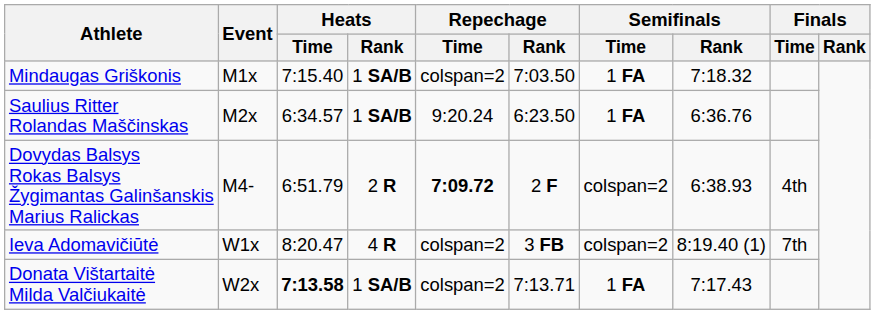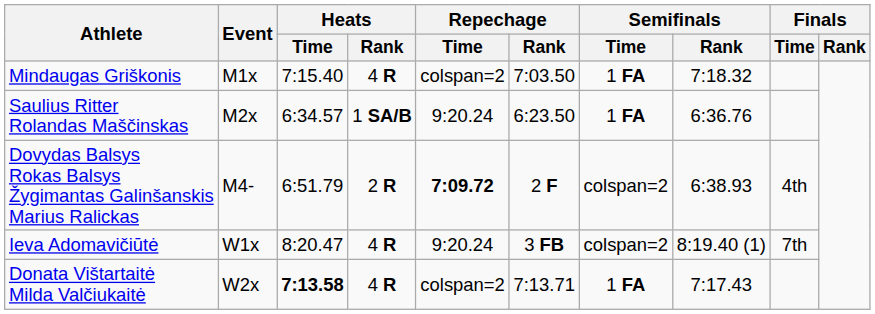 <table class="wikitable" style="font-size:90%">
 <tr>
 <th rowspan="2">Athlete</th>
 <th rowspan="2">Event</th>
 <th colspan="2">Heats</th>
 <th colspan="2">Repechage</th>
 <th colspan="2">Semifinals</th>
 <th colspan="2">Finals</th>
 </tr>
 <tr style="font-size:95%">
 <th>Time</th>
 <th>Rank</th>
 <th>Time</th>
 <th>Rank</th>
 <th>Time</th>
 <th>Rank</th>
 <th>Time</th>
 <th>Rank</th>
 </tr>
 <tr align=center>
 <td align=left><a href='#'>Mindaugas Griškonis</a></td>
 <td align=left>M1x</td>
 <td>7:15.40</td>
-<td>1 <strong>SA/B</strong></td>
+<td>4 <strong>R</strong></td>
 <td>colspan=2 </td>
 <td>7:03.50</td>
 <td>1 <strong>FA</strong></td>
 <td>7:18.32</td>
 <td></td>
 </tr>
 <tr align=center>
 <td align=left><a href='#'>Saulius Ritter</a> <br> <a href='#'>Rolandas Maščinskas</a></td>
 <td align=left>M2x</td>
 <td>6:34.57</td>
 <td>1 <strong>SA/B</strong></td>
 <td>9:20.24</td>
 <td>6:23.50</td>
 <td>1 <strong>FA</strong></td>
 <td>6:36.76</td>
 <td></td>
 </tr>
 <tr align=center>
 <td align=left><a href='#'>Dovydas Balsys</a> <br> <a href='#'>Rokas Balsys</a> <br> <a href='#'>Žygimantas Galinšanskis</a> <br> <a href='#'>Marius Ralickas</a></td>
 <td align=left>M4-</td>
 <td>6:51.79</td>
 <td>2 <strong>R</strong></td>
 <td><strong>7:09.72</strong></td>
 <td>2 <strong>F</strong></td>
 <td>colspan=2 </td>
 <td>6:38.93</td>
 <td>4th</td>
 </tr>
 <tr align=center>
 <td align=left><a href='#'>Ieva Adomavičiūtė</a></td>
 <td align=left>W1x</td>
 <td>8:20.47</td>
 <td>4 <strong>R</strong></td>
-<td>colspan=2 </td>
+<td>9:20.24</td>
 <td>3 <strong>FB</strong></td>
 <td>colspan=2 </td>
 <td>8:19.40 (1)</td>
 <td>7th</td>
 </tr>
 <tr align=center>
 <td align=left><a href='#'>Donata Vištartaitė</a><br><a href='#'>Milda Valčiukaitė</a></td>
 <td align=left>W2x</td>
 <td><strong>7:13.58</strong></td>
-<td>1 <strong>SA/B</strong></td>
+<td>4 <strong>R</strong></td>
 <td>colspan=2 </td>
 <td>7:13.71</td>
 <td>1 <strong>FA</strong></td>
 <td>7:17.43</td>
 <td></td>
 </tr>
 </table>
